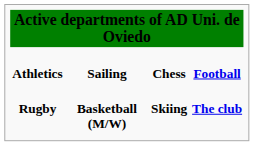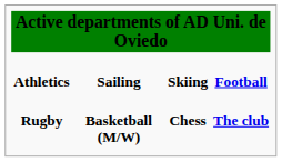 <table class="infobox" style="width: 250px;">
 <tr bgcolor="green" style="text-align: center">
 <th colspan="4" align=center><span>Active departments of AD Uni. de Oviedo</span></th>
 </tr>
 <tr style="font-size: 85%; text-align: center">
 <td><br><strong>Athletics</strong></td>
 <td><br><strong>Sailing</strong></td>
-<td><br><strong>Chess</strong></td>
+<td><br><strong>Skiing</strong></td>
 <td><br><strong><a href='#'>Football</a></strong></td>
 </tr>
 <tr style="font-size: 85%; text-align: center">
 <td><br><strong>Rugby</strong></td>
 <td><br><strong>Basketball (M/W)</strong></td>
-<td><br><strong>Skiing</strong></td>
+<td><br><strong>Chess</strong></td>
 <td><br><strong><a href='#'>The club</a></strong></td>
 </tr>
 <tr style="font-size: 85%; text-align: center">
 </tr>
 </table>
